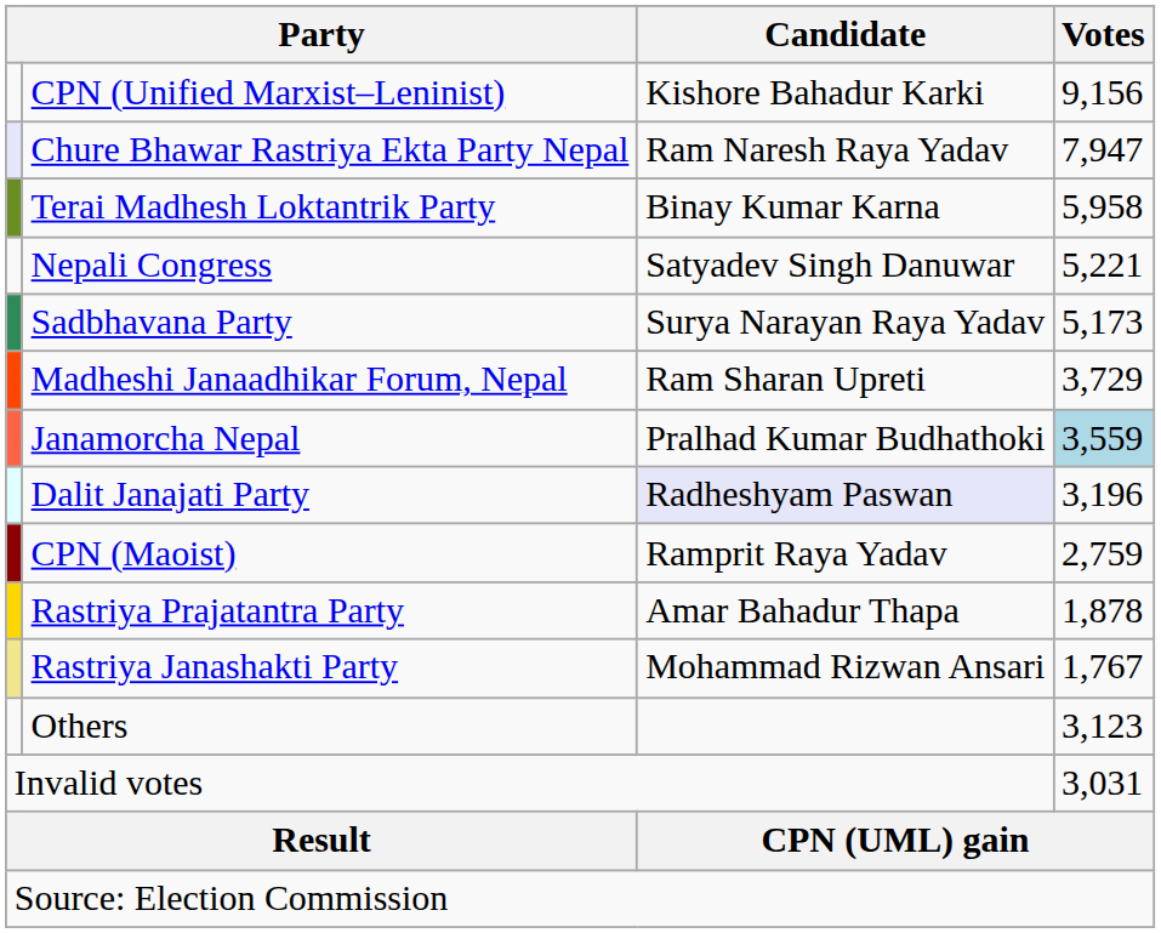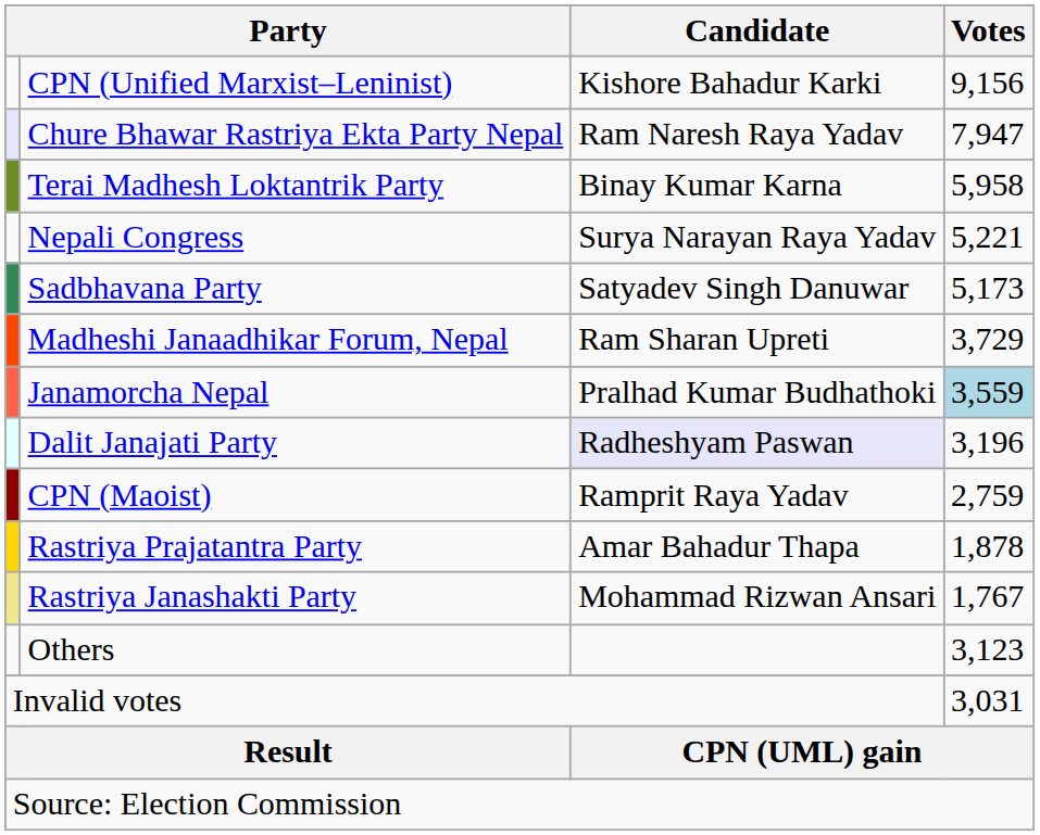 <table class="wikitable">
 <tr>
 <th colspan="2">Party</th>
 <th>Candidate</th>
 <th>Votes</th>
 </tr>
 <tr>
 <td style="background-color:"></td>
 <td><a href='#'>CPN (Unified Marxist–Leninist)</a></td>
 <td>Kishore Bahadur Karki</td>
 <td>9,156</td>
 </tr>
 <tr>
 <td style="background-color:#e6e6fa"></td>
 <td><a href='#'>Chure Bhawar Rastriya Ekta Party Nepal</a></td>
 <td>Ram Naresh Raya Yadav</td>
 <td>7,947</td>
 </tr>
 <tr>
 <td style="background-color:olivedrab"></td>
 <td><a href='#'>Terai Madhesh Loktantrik Party</a></td>
 <td>Binay Kumar Karna</td>
 <td>5,958</td>
 </tr>
 <tr>
 <td style="background-color:"></td>
 <td><a href='#'>Nepali Congress</a></td>
-<td>Satyadev Singh Danuwar</td>
+<td>Surya Narayan Raya Yadav</td>
 <td>5,221</td>
 </tr>
 <tr>
 <td style="background-color:seagreen"></td>
 <td><a href='#'>Sadbhavana Party</a></td>
-<td>Surya Narayan Raya Yadav</td>
+<td>Satyadev Singh Danuwar</td>
 <td>5,173</td>
 </tr>
 <tr>
 <td style="background-color:orangered"></td>
 <td><a href='#'>Madheshi Janaadhikar Forum, Nepal</a></td>
 <td>Ram Sharan Upreti</td>
 <td>3,729</td>
 </tr>
 <tr>
 <td style="background-color:tomato"></td>
 <td><a href='#'>Janamorcha Nepal</a></td>
 <td>Pralhad Kumar Budhathoki</td>
 <td style="background: lightblue;">3,559</td>
 </tr>
 <tr>
 <td style="background-color:#e0ffff"></td>
 <td><a href='#'>Dalit Janajati Party</a></td>
 <td style="background: lavender;">Radheshyam Paswan</td>
 <td>3,196</td>
 </tr>
 <tr>
 <td style="background-color:darkred"></td>
 <td><a href='#'>CPN (Maoist)</a></td>
 <td>Ramprit Raya Yadav</td>
 <td>2,759</td>
 </tr>
 <tr>
 <td style="background-color:gold"></td>
 <td><a href='#'>Rastriya Prajatantra Party</a></td>
 <td>Amar Bahadur Thapa</td>
 <td>1,878</td>
 </tr>
 <tr>
 <td style="background-color:khaki"></td>
 <td><a href='#'>Rastriya Janashakti Party</a></td>
 <td>Mohammad Rizwan Ansari</td>
 <td>1,767</td>
 </tr>
 <tr>
 <td></td>
 <td>Others</td>
 <td></td>
 <td>3,123</td>
 </tr>
 <tr>
 <td colspan="3">Invalid votes</td>
 <td>3,031</td>
 </tr>
 <tr>
 <th colspan="2">Result</th>
 <th colspan="2">CPN (UML) gain</th>
 </tr>
 <tr>
 <td colspan="4">Source: Election Commission</td>
 </tr>
 </table>
